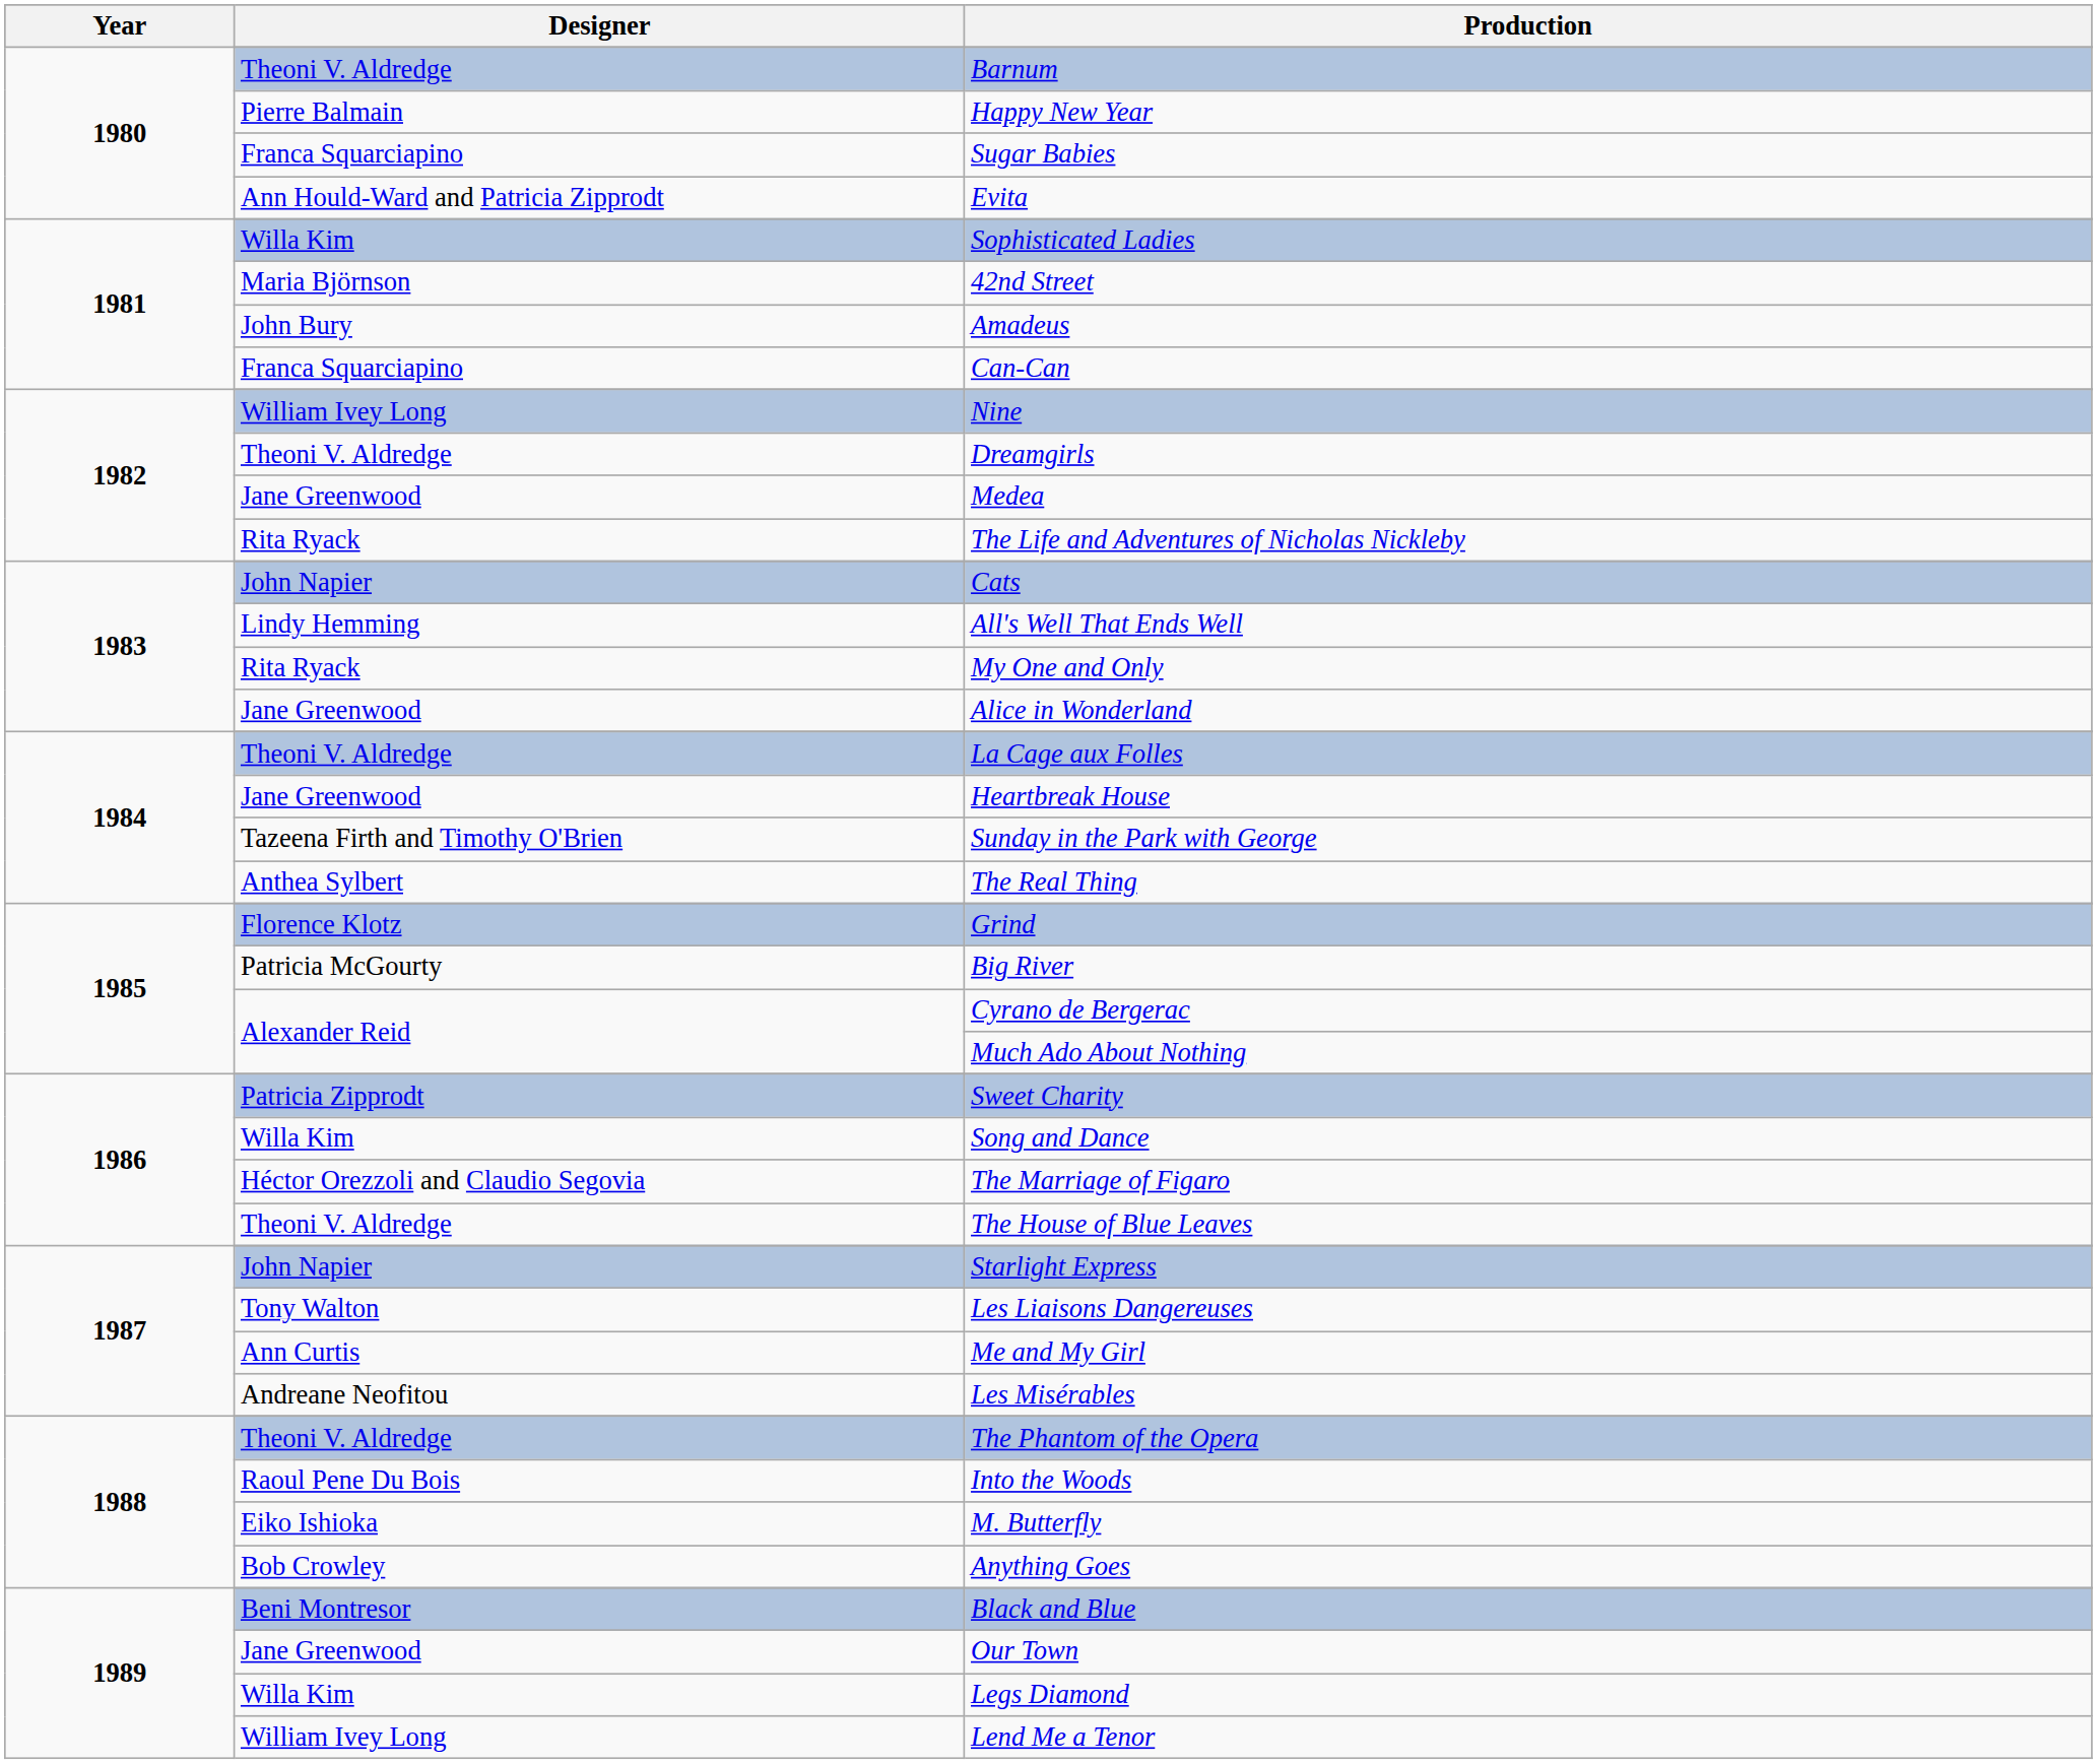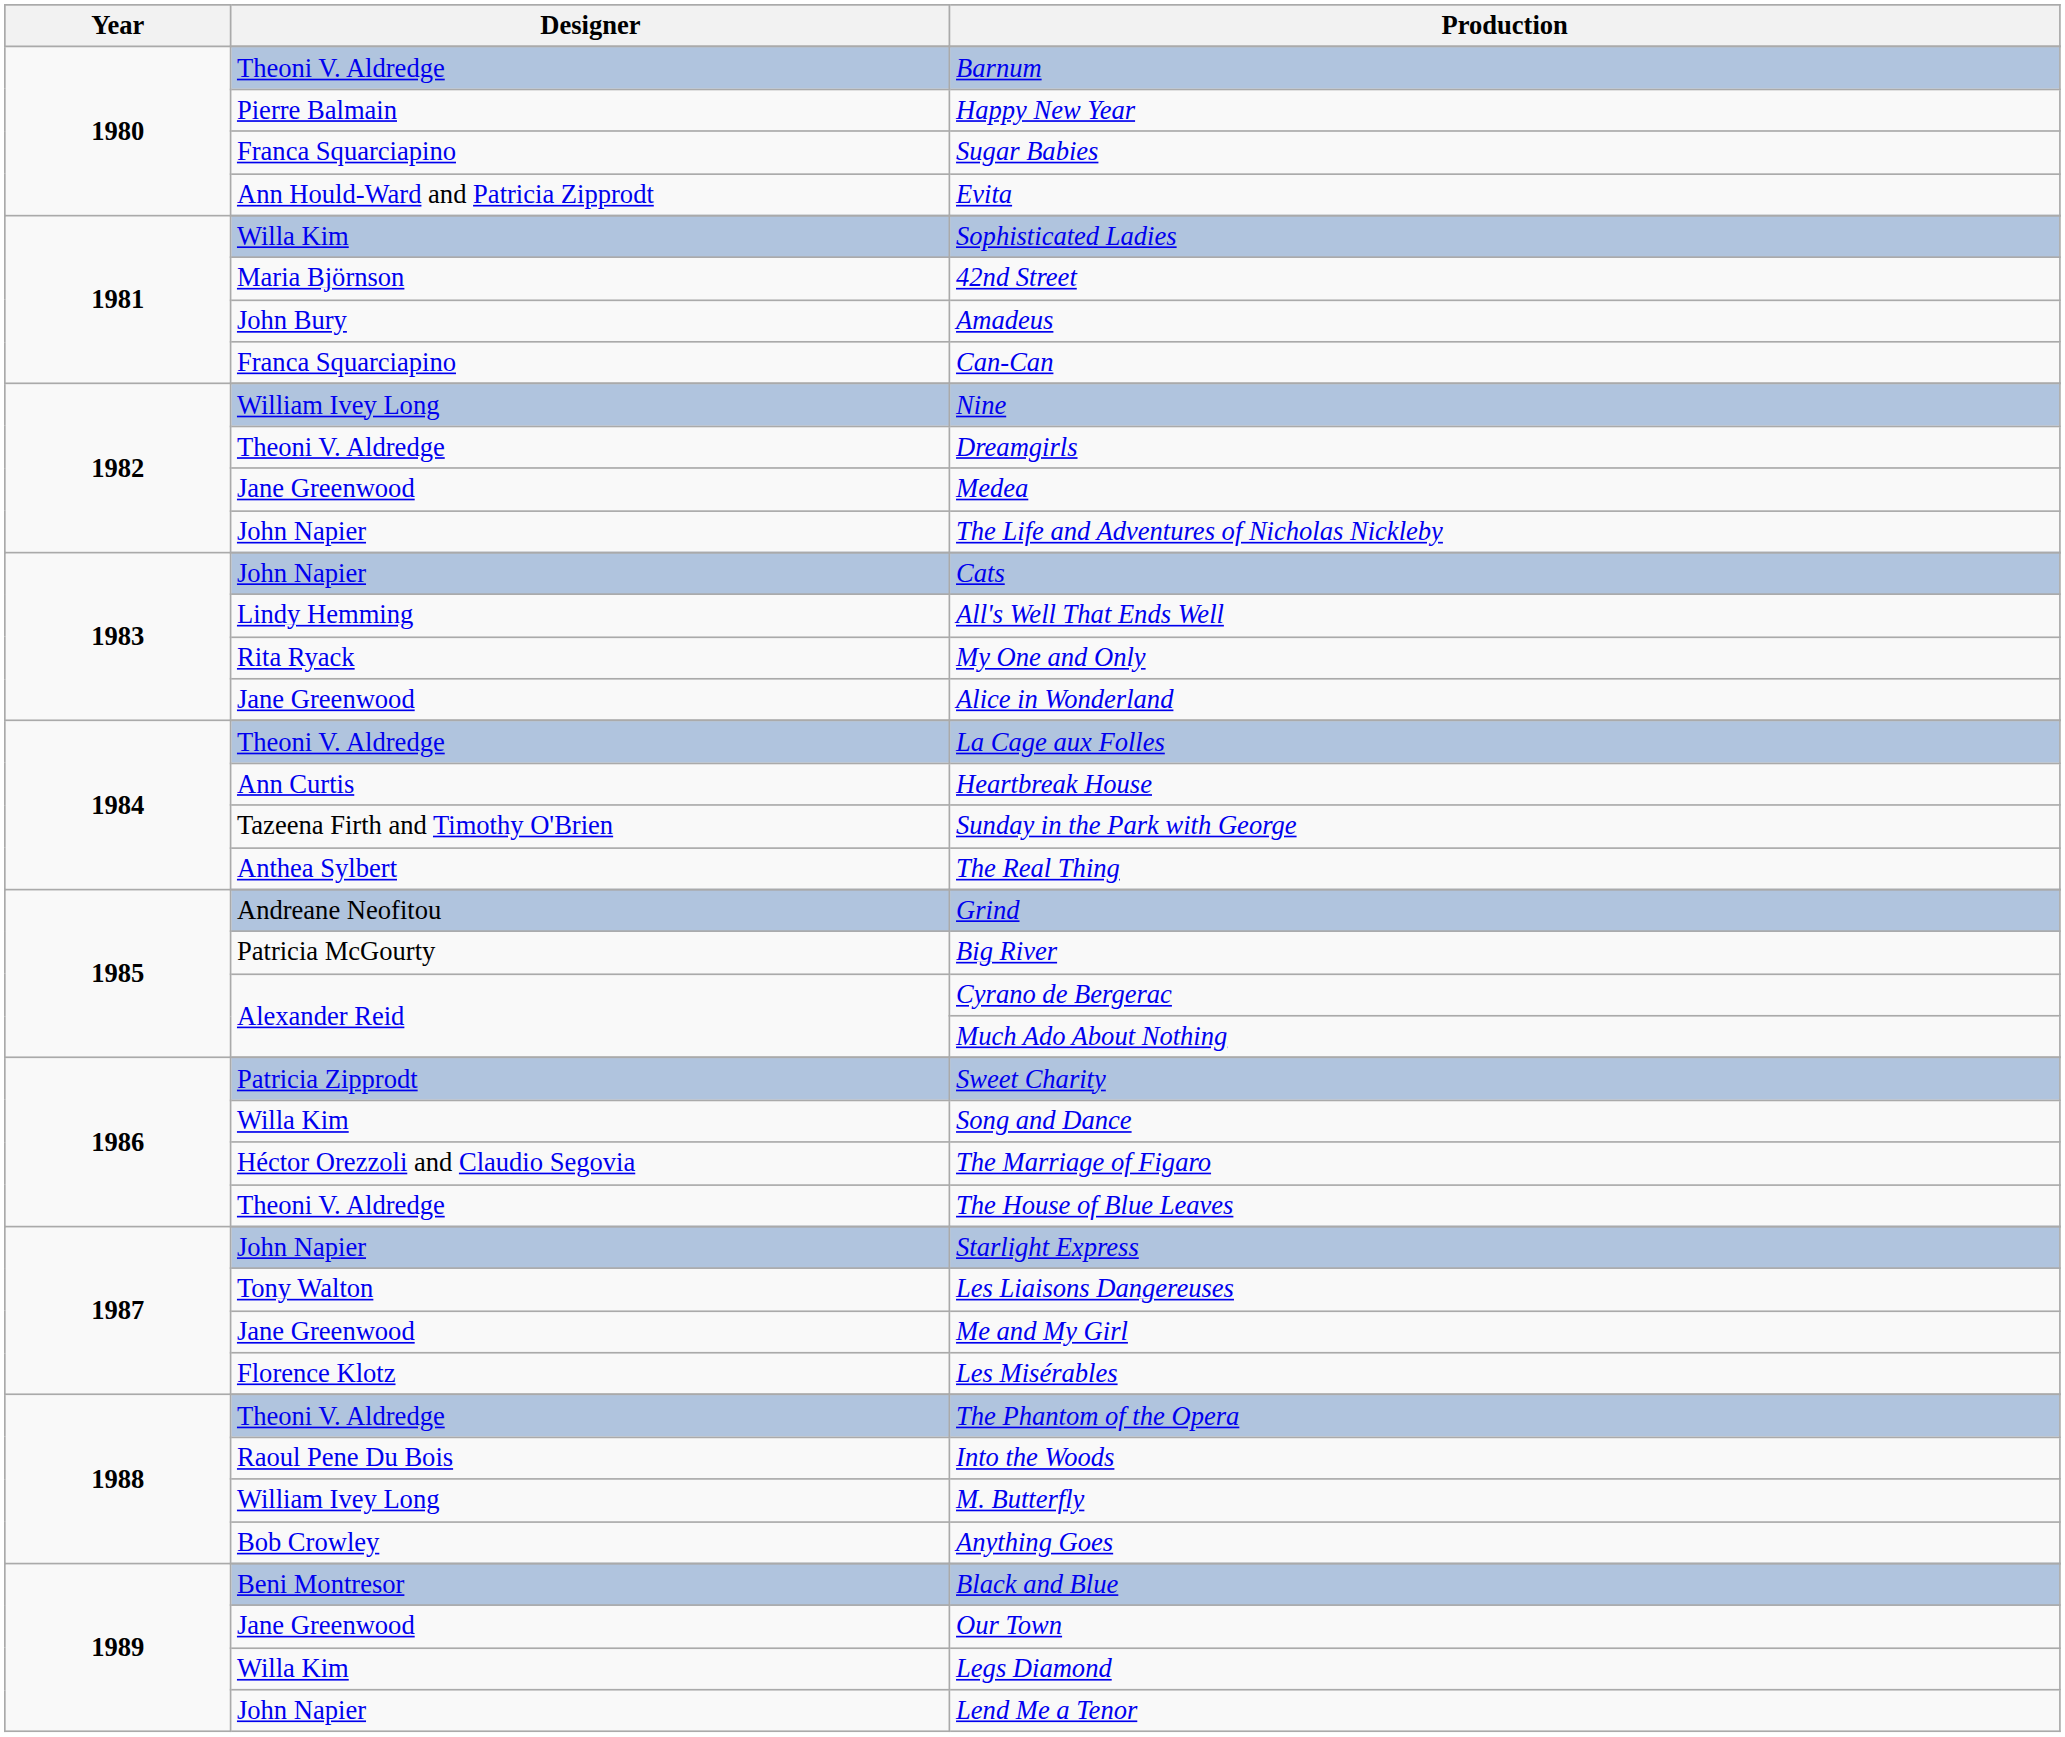 <table class="wikitable" style="width:98%;">
 <tr style="background:#bebebe;">
 <th style="width:11%;">Year</th>
 <th style="width:35%;”">Designer</th>
 <th style="width:54%;”">Production</th>
 </tr>
 <tr>
 <td rowspan="5" align="center"><strong>1980</strong><br></td>
 </tr>
 <tr style="background:#B0C4DE">
 <td><a href='#'>Theoni V. Aldredge</a></td>
 <td><em><a href='#'>Barnum</a></em></td>
 </tr>
 <tr>
 <td><a href='#'>Pierre Balmain</a></td>
 <td><em><a href='#'>Happy New Year</a></em></td>
 </tr>
 <tr>
 <td><a href='#'>Franca Squarciapino</a></td>
 <td><em><a href='#'>Sugar Babies</a></em></td>
 </tr>
 <tr>
 <td><a href='#'>Ann Hould-Ward</a> and <a href='#'>Patricia Zipprodt</a></td>
 <td><em><a href='#'>Evita</a></em></td>
 </tr>
 <tr>
 <td rowspan="5" align="center"><strong>1981</strong><br></td>
 </tr>
 <tr style="background:#B0C4DE">
 <td><a href='#'>Willa Kim</a></td>
 <td><em><a href='#'>Sophisticated Ladies</a></em></td>
 </tr>
 <tr>
 <td><a href='#'>Maria Björnson</a></td>
 <td><em><a href='#'>42nd Street</a></em></td>
 </tr>
 <tr>
 <td><a href='#'>John Bury</a></td>
 <td><em><a href='#'>Amadeus</a></em></td>
 </tr>
 <tr>
 <td><a href='#'>Franca Squarciapino</a></td>
 <td><em><a href='#'>Can-Can</a></em></td>
 </tr>
 <tr>
 <td rowspan="5" align="center"><strong>1982</strong><br></td>
 </tr>
 <tr style="background:#B0C4DE">
 <td><a href='#'>William Ivey Long</a></td>
 <td><em><a href='#'>Nine</a></em></td>
 </tr>
 <tr>
 <td><a href='#'>Theoni V. Aldredge</a></td>
 <td><em><a href='#'>Dreamgirls</a></em></td>
 </tr>
 <tr>
 <td><a href='#'>Jane Greenwood</a></td>
 <td><em><a href='#'>Medea</a></em></td>
 </tr>
 <tr>
-<td><a href='#'>Rita Ryack</a></td>
+<td><a href='#'>John Napier</a></td>
 <td><em><a href='#'>The Life and Adventures of Nicholas Nickleby</a></em></td>
 </tr>
 <tr>
 <td rowspan="5" align="center"><strong>1983</strong><br></td>
 </tr>
 <tr style="background:#B0C4DE">
 <td><a href='#'>John Napier</a></td>
 <td><em><a href='#'>Cats</a></em></td>
 </tr>
 <tr>
 <td><a href='#'>Lindy Hemming</a></td>
 <td><em><a href='#'>All's Well That Ends Well</a></em></td>
 </tr>
 <tr>
 <td><a href='#'>Rita Ryack</a></td>
 <td><em><a href='#'>My One and Only</a></em></td>
 </tr>
 <tr>
 <td><a href='#'>Jane Greenwood</a></td>
 <td><em><a href='#'>Alice in Wonderland</a></em></td>
 </tr>
 <tr>
 <td rowspan="5" align="center"><strong>1984</strong><br></td>
 </tr>
 <tr style="background:#B0C4DE">
 <td><a href='#'>Theoni V. Aldredge</a></td>
 <td><em><a href='#'>La Cage aux Folles</a></em></td>
 </tr>
 <tr>
-<td><a href='#'>Jane Greenwood</a></td>
+<td><a href='#'>Ann Curtis</a></td>
 <td><em><a href='#'>Heartbreak House</a></em></td>
 </tr>
 <tr>
 <td>Tazeena Firth and <a href='#'>Timothy O'Brien</a></td>
 <td><em><a href='#'>Sunday in the Park with George</a></em></td>
 </tr>
 <tr>
 <td><a href='#'>Anthea Sylbert</a></td>
 <td><em><a href='#'>The Real Thing</a></em></td>
 </tr>
 <tr>
 <td rowspan="5" align="center"><strong>1985</strong><br></td>
 </tr>
 <tr style="background:#B0C4DE">
-<td><a href='#'>Florence Klotz</a></td>
+<td>Andreane Neofitou</td>
 <td><em><a href='#'>Grind</a></em></td>
 </tr>
 <tr>
 <td>Patricia McGourty</td>
 <td><em><a href='#'>Big River</a></em></td>
 </tr>
 <tr>
 <td rowspan="2"><a href='#'>Alexander Reid</a></td>
 <td><em><a href='#'>Cyrano de Bergerac</a></em></td>
 </tr>
 <tr>
 <td><em><a href='#'>Much Ado About Nothing</a></em></td>
 </tr>
 <tr>
 <td rowspan="5" align="center"><strong>1986</strong><br></td>
 </tr>
 <tr style="background:#B0C4DE">
 <td><a href='#'>Patricia Zipprodt</a></td>
 <td><em><a href='#'>Sweet Charity</a></em></td>
 </tr>
 <tr>
 <td><a href='#'>Willa Kim</a></td>
 <td><em><a href='#'>Song and Dance</a></em></td>
 </tr>
 <tr>
 <td><a href='#'>Héctor Orezzoli</a> and <a href='#'>Claudio Segovia</a></td>
 <td><em><a href='#'>The Marriage of Figaro</a></em></td>
 </tr>
 <tr>
 <td><a href='#'>Theoni V. Aldredge</a></td>
 <td><em><a href='#'>The House of Blue Leaves</a></em></td>
 </tr>
 <tr>
 <td rowspan="5" align="center"><strong>1987</strong><br></td>
 </tr>
 <tr style="background:#B0C4DE">
 <td><a href='#'>John Napier</a></td>
 <td><em><a href='#'>Starlight Express</a></em></td>
 </tr>
 <tr>
 <td><a href='#'>Tony Walton</a></td>
 <td><em><a href='#'>Les Liaisons Dangereuses</a></em></td>
 </tr>
 <tr>
-<td><a href='#'>Ann Curtis</a></td>
+<td><a href='#'>Jane Greenwood</a></td>
 <td><em><a href='#'>Me and My Girl</a></em></td>
 </tr>
 <tr>
-<td>Andreane Neofitou</td>
+<td><a href='#'>Florence Klotz</a></td>
 <td><em><a href='#'>Les Misérables</a></em></td>
 </tr>
 <tr>
 <td rowspan="5" align="center"><strong>1988</strong><br></td>
 </tr>
 <tr style="background:#B0C4DE">
 <td><a href='#'>Theoni V. Aldredge</a></td>
 <td><em><a href='#'>The Phantom of the Opera</a></em></td>
 </tr>
 <tr>
 <td><a href='#'>Raoul Pene Du Bois</a></td>
 <td><em><a href='#'>Into the Woods</a></em></td>
 </tr>
 <tr>
-<td><a href='#'>Eiko Ishioka</a></td>
+<td><a href='#'>William Ivey Long</a></td>
 <td><em><a href='#'>M. Butterfly</a></em></td>
 </tr>
 <tr>
 <td><a href='#'>Bob Crowley</a></td>
 <td><em><a href='#'>Anything Goes</a></em></td>
 </tr>
 <tr>
 <td rowspan="5" align="center"><strong>1989</strong><br></td>
 </tr>
 <tr style="background:#B0C4DE">
 <td><a href='#'>Beni Montresor</a></td>
 <td><em><a href='#'>Black and Blue</a></em></td>
 </tr>
 <tr>
 <td><a href='#'>Jane Greenwood</a></td>
 <td><em><a href='#'>Our Town</a></em></td>
 </tr>
 <tr>
 <td><a href='#'>Willa Kim</a></td>
 <td><em><a href='#'>Legs Diamond</a></em></td>
 </tr>
 <tr>
-<td><a href='#'>William Ivey Long</a></td>
+<td><a href='#'>John Napier</a></td>
 <td><em><a href='#'>Lend Me a Tenor</a></em></td>
 </tr>
 </table>
